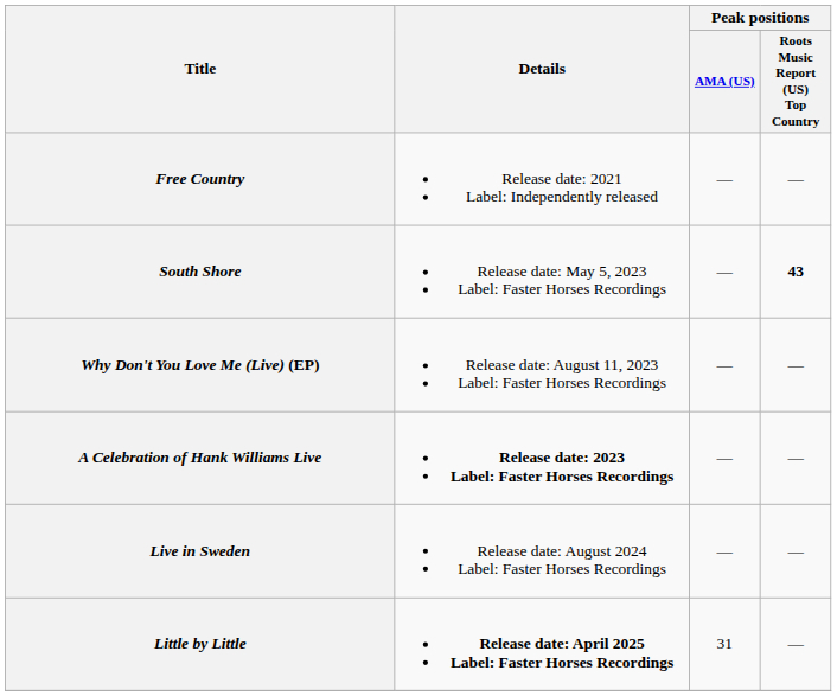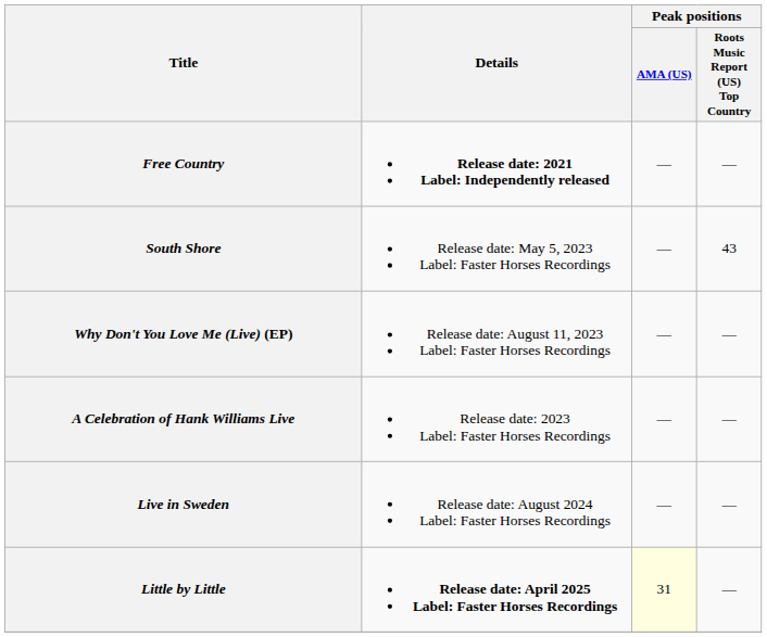 <table class="wikitable plainrowheaders" style="text-align:center;">
 <tr>
 <th rowspan="2" style="width:24em;">Title</th>
 <th rowspan="2" style="width:18em;">Details</th>
 <th colspan="4">Peak positions</th>
 </tr>
 <tr style="font-size:smaller;">
 <th style="width:65px;"><a href='#'>AMA (US)</a></th>
 <th style="width:65px;">Roots Music Report (US)<br> Top Country</th>
 </tr>
 <tr>
 <th scope="row"><em>Free Country</em></th>
-<td><br><ul><li>Release date: 2021</li><li>Label: Independently released</li></ul></td>
+<td><strong><br><ul><li>Release date: 2021</li><li>Label: Independently released</li></ul></strong></td>
 <td>—</td>
 <td>—</td>
 </tr>
 <tr>
 <th scope="row"><em>South Shore</em></th>
 <td><br><ul><li>Release date: May 5, 2023</li><li>Label: Faster Horses Recordings</li></ul></td>
 <td>—</td>
-<td><strong>43</strong></td>
+<td>43</td>
 </tr>
 <tr>
 <th scope="row"><em>Why Don't You Love Me (Live)</em> (EP)</th>
 <td><br><ul><li>Release date: August 11, 2023</li><li>Label: Faster Horses Recordings</li></ul></td>
 <td>—</td>
 <td>—</td>
 </tr>
 <tr>
 <th scope="row"><em>A Celebration of Hank Williams Live</em></th>
-<td><strong><br><ul><li>Release date: 2023</li><li>Label: Faster Horses Recordings</li></ul></strong></td>
+<td><br><ul><li>Release date: 2023</li><li>Label: Faster Horses Recordings</li></ul></td>
 <td>—</td>
 <td>—</td>
 </tr>
 <tr>
 <th scope="row"><em>Live in Sweden</em></th>
 <td><br><ul><li>Release date: August 2024</li><li>Label: Faster Horses Recordings</li></ul></td>
 <td>—</td>
 <td>—</td>
 </tr>
 <tr>
 <th scope="row"><em>Little by Little</em></th>
 <td><strong><br><ul><li>Release date: April 2025</li><li>Label: Faster Horses Recordings</li></ul></strong></td>
-<td>31</td>
+<td style="background: lightyellow;">31</td>
 <td>— <br> </td>
 </tr>
 <tr>
 </tr>
 </table>
